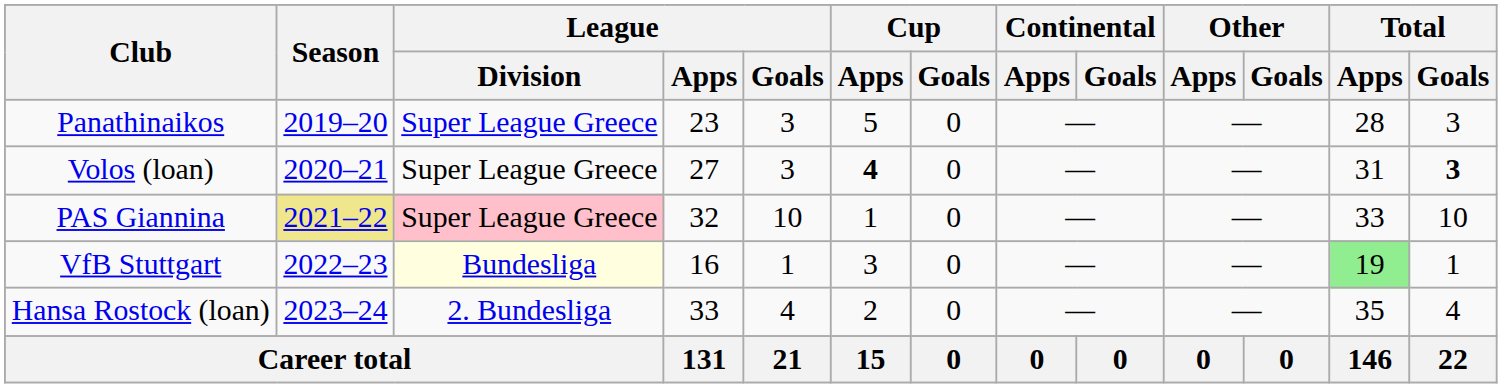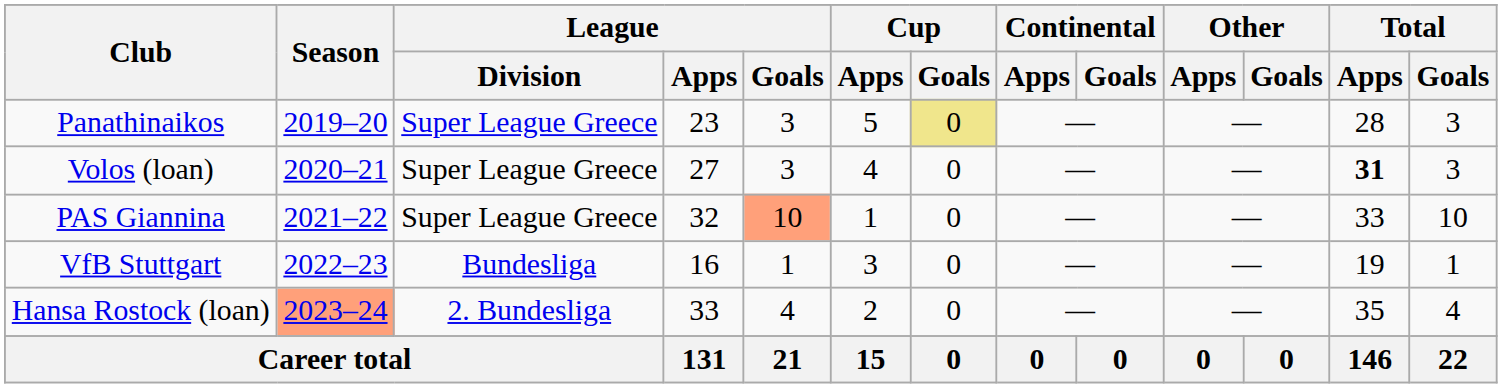 <table class="wikitable" style="text-align:center">
 <tr>
 <th rowspan="2">Club</th>
 <th rowspan="2">Season</th>
 <th colspan="3">League</th>
 <th colspan="2">Cup</th>
 <th colspan="2">Continental</th>
 <th colspan="2">Other</th>
 <th colspan="2">Total</th>
 </tr>
 <tr>
 <th>Division</th>
 <th>Apps</th>
 <th>Goals</th>
 <th>Apps</th>
 <th>Goals</th>
 <th>Apps</th>
 <th>Goals</th>
 <th>Apps</th>
 <th>Goals</th>
 <th>Apps</th>
 <th>Goals</th>
 </tr>
 <tr>
 <td><a href='#'>Panathinaikos</a></td>
 <td><a href='#'>2019–20</a></td>
 <td><a href='#'>Super League Greece</a></td>
 <td>23</td>
 <td>3</td>
 <td>5</td>
-<td>0</td>
+<td style="background: khaki;">0</td>
 <td colspan="2">—</td>
 <td colspan="2">—</td>
 <td>28</td>
 <td>3</td>
 </tr>
 <tr>
 <td><a href='#'>Volos</a> (loan)</td>
 <td><a href='#'>2020–21</a></td>
 <td>Super League Greece</td>
 <td>27</td>
 <td>3</td>
-<td><strong>4</strong></td>
+<td>4</td>
 <td>0</td>
 <td colspan="2">—</td>
 <td colspan="2">—</td>
-<td>31</td>
-<td><strong>3</strong></td>
+<td><strong>31</strong></td>
+<td>3</td>
 </tr>
 <tr>
 <td><a href='#'>PAS Giannina</a></td>
-<td style="background: khaki;"><a href='#'>2021–22</a></td>
-<td style="background: pink;">Super League Greece</td>
+<td><a href='#'>2021–22</a></td>
+<td>Super League Greece</td>
 <td>32</td>
-<td>10</td>
+<td style="background: lightsalmon;">10</td>
 <td>1</td>
 <td>0</td>
 <td colspan="2">—</td>
 <td colspan="2">—</td>
 <td>33</td>
 <td>10</td>
 </tr>
 <tr>
 <td><a href='#'>VfB Stuttgart</a></td>
 <td><a href='#'>2022–23</a></td>
-<td style="background: lightyellow;"><a href='#'>Bundesliga</a></td>
+<td><a href='#'>Bundesliga</a></td>
 <td>16</td>
 <td>1</td>
 <td>3</td>
 <td>0</td>
 <td colspan="2">—</td>
 <td colspan="2">—</td>
-<td style="background: lightgreen;">19</td>
+<td>19</td>
 <td>1</td>
 </tr>
 <tr>
 <td><a href='#'>Hansa Rostock</a> (loan)</td>
-<td><a href='#'>2023–24</a></td>
+<td style="background: lightsalmon;"><a href='#'>2023–24</a></td>
 <td><a href='#'>2. Bundesliga</a></td>
 <td>33</td>
 <td>4</td>
 <td>2</td>
 <td>0</td>
 <td colspan="2">—</td>
 <td colspan="2">—</td>
 <td>35</td>
 <td>4</td>
 </tr>
 <tr>
 <th colspan="3">Career total</th>
 <th>131</th>
 <th>21</th>
 <th>15</th>
 <th>0</th>
 <th>0</th>
 <th>0</th>
 <th>0</th>
 <th>0</th>
 <th>146</th>
 <th>22</th>
 </tr>
 </table>
